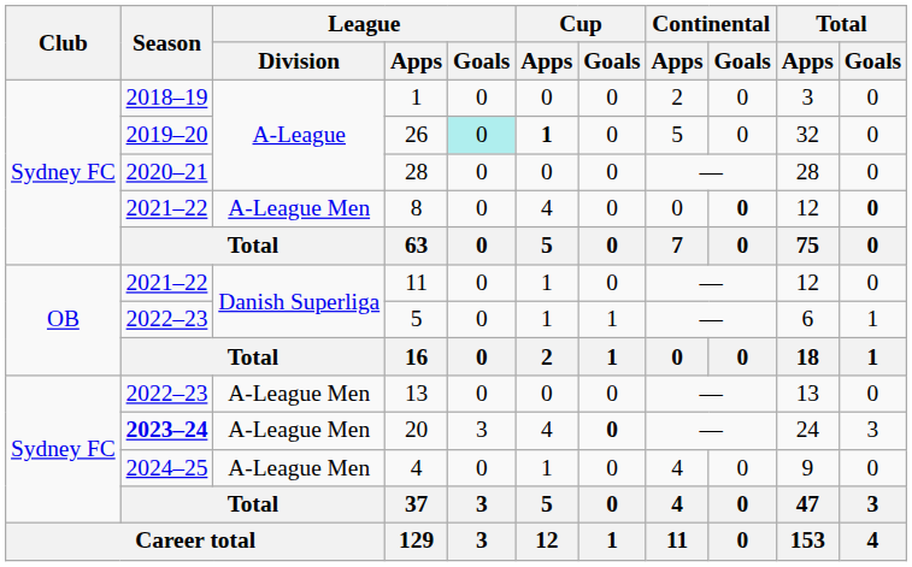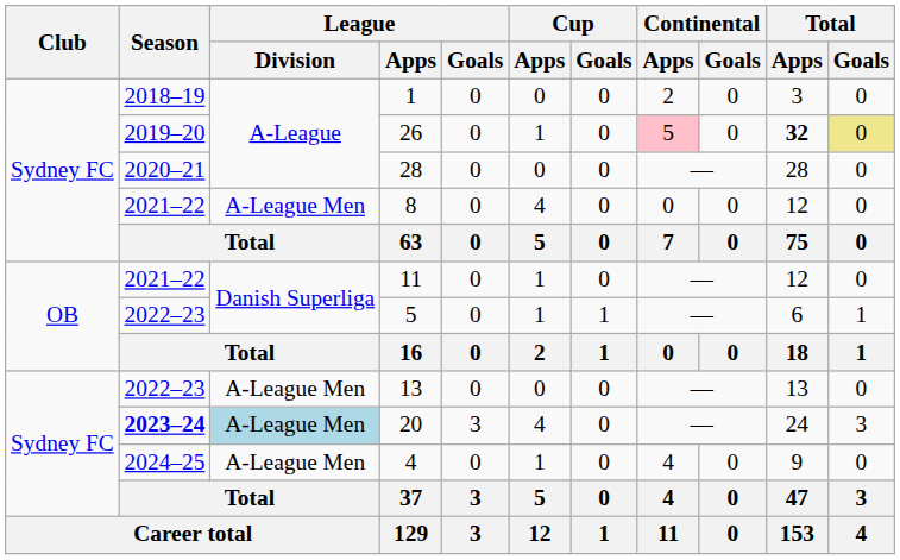 <table class="wikitable" border="1" style="font-size:100%; text-align: center;">
 <tr>
 <th rowspan="2">Club</th>
 <th rowspan="2">Season</th>
 <th colspan="3">League</th>
 <th colspan="2">Cup</th>
 <th colspan="2">Continental</th>
 <th colspan="2">Total</th>
 </tr>
 <tr>
 <th>Division</th>
 <th>Apps</th>
 <th>Goals</th>
 <th>Apps</th>
 <th>Goals</th>
 <th>Apps</th>
 <th>Goals</th>
 <th>Apps</th>
 <th>Goals</th>
 </tr>
 <tr>
 <td rowspan="5"><a href='#'>Sydney FC</a></td>
 <td><a href='#'>2018–19</a></td>
 <td rowspan=3><a href='#'>A-League</a></td>
 <td>1</td>
 <td>0</td>
 <td>0</td>
 <td>0</td>
 <td>2</td>
 <td>0</td>
 <td>3</td>
 <td>0</td>
 </tr>
 <tr>
 <td><a href='#'>2019–20</a></td>
 <td>26</td>
-<td style="background: paleturquoise;">0</td>
-<td><strong>1</strong></td>
 <td>0</td>
-<td>5</td>
+<td>1</td>
 <td>0</td>
-<td>32</td>
+<td style="background: pink;">5</td>
 <td>0</td>
+<td><strong>32</strong></td>
+<td style="background: khaki;">0</td>
 </tr>
 <tr>
 <td><a href='#'>2020–21</a></td>
 <td>28</td>
 <td>0</td>
 <td>0</td>
 <td>0</td>
 <td colspan="2">—</td>
 <td>28</td>
 <td>0</td>
 </tr>
 <tr>
 <td><a href='#'>2021–22</a></td>
 <td><a href='#'>A-League Men</a></td>
 <td>8</td>
 <td>0</td>
 <td>4</td>
 <td>0</td>
 <td>0</td>
-<td><strong>0</strong></td>
+<td>0</td>
 <td>12</td>
-<td><strong>0</strong></td>
+<td>0</td>
 </tr>
 <tr>
 <th colspan="2">Total</th>
 <th>63</th>
 <th>0</th>
 <th>5</th>
 <th>0</th>
 <th>7</th>
 <th>0</th>
 <th>75</th>
 <th>0</th>
 </tr>
 <tr>
 <td rowspan="3"><a href='#'>OB</a></td>
 <td><a href='#'>2021–22</a></td>
 <td rowspan="2"><a href='#'>Danish Superliga</a></td>
 <td>11</td>
 <td>0</td>
 <td>1</td>
 <td>0</td>
 <td colspan="2">—</td>
 <td>12</td>
 <td>0</td>
 </tr>
 <tr>
 <td><a href='#'>2022–23</a></td>
 <td>5</td>
 <td>0</td>
 <td>1</td>
 <td>1</td>
 <td colspan="2">—</td>
 <td>6</td>
 <td>1</td>
 </tr>
 <tr>
 <th colspan="2">Total</th>
 <th>16</th>
 <th>0</th>
 <th>2</th>
 <th>1</th>
 <th>0</th>
 <th>0</th>
 <th>18</th>
 <th>1</th>
 </tr>
 <tr>
 <td rowspan="4"><a href='#'>Sydney FC</a></td>
 <td><a href='#'>2022–23</a></td>
 <td>A-League Men</td>
 <td>13</td>
 <td>0</td>
 <td>0</td>
 <td>0</td>
 <td colspan="2">—</td>
 <td>13</td>
 <td>0</td>
 </tr>
 <tr>
 <td><strong><a href='#'>2023–24</a></strong></td>
-<td>A-League Men</td>
+<td style="background: lightblue;">A-League Men</td>
 <td>20</td>
 <td>3</td>
 <td>4</td>
-<td><strong>0</strong></td>
+<td>0</td>
 <td colspan="2">—</td>
 <td>24</td>
 <td>3</td>
 </tr>
 <tr>
 <td><a href='#'>2024–25</a></td>
 <td>A-League Men</td>
 <td>4</td>
 <td>0</td>
 <td>1</td>
 <td>0</td>
 <td>4</td>
 <td>0</td>
 <td>9</td>
 <td>0</td>
 </tr>
 <tr>
 <th colspan="2">Total</th>
 <th>37</th>
 <th>3</th>
 <th>5</th>
 <th>0</th>
 <th>4</th>
 <th>0</th>
 <th>47</th>
 <th>3</th>
 </tr>
 <tr>
 <th colspan="3">Career total</th>
 <th>129</th>
 <th>3</th>
 <th>12</th>
 <th>1</th>
 <th>11</th>
 <th>0</th>
 <th>153</th>
 <th>4</th>
 </tr>
 </table>
